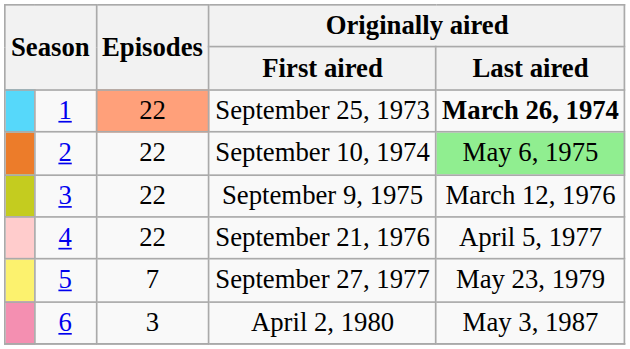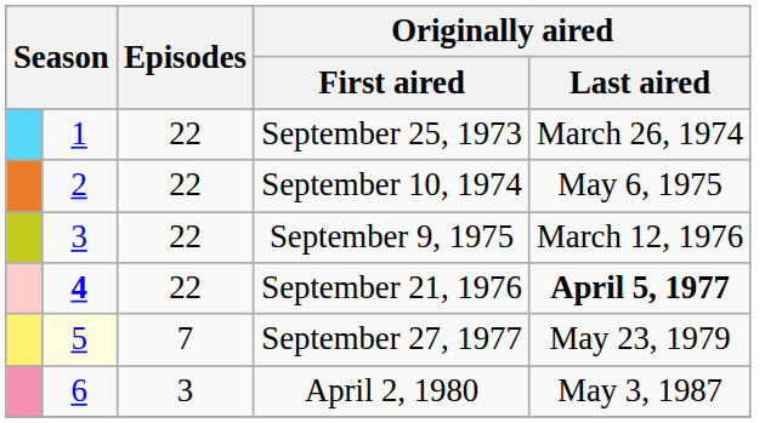 <table class="wikitable plainrowheaders" style="text-align:center;">
 <tr>
 <th colspan="2" rowspan="2">Season</th>
 <th rowspan="2">Episodes</th>
 <th colspan="2">Originally aired</th>
 </tr>
 <tr>
 <th>First aired</th>
 <th>Last aired</th>
 </tr>
 <tr>
 <td bgcolor="#56d8fa"></td>
 <td><a href='#'>1</a></td>
-<td style="background: lightsalmon;">22</td>
+<td>22</td>
 <td>September 25, 1973</td>
-<td><strong>March 26, 1974</strong></td>
+<td>March 26, 1974</td>
 </tr>
 <tr>
 <td bgcolor="#ec7c2a"></td>
 <td><a href='#'>2</a></td>
 <td>22</td>
 <td>September 10, 1974</td>
-<td style="background: lightgreen;">May 6, 1975</td>
+<td>May 6, 1975</td>
 </tr>
 <tr>
 <td bgcolor="#c4cc1f"></td>
 <td><a href='#'>3</a></td>
 <td>22</td>
 <td>September 9, 1975</td>
 <td>March 12, 1976</td>
 </tr>
 <tr>
 <td bgcolor="#ffcccc"></td>
-<td><a href='#'>4</a></td>
+<td><strong><a href='#'>4</a></strong></td>
 <td>22</td>
 <td>September 21, 1976</td>
-<td>April 5, 1977</td>
+<td><strong>April 5, 1977</strong></td>
 </tr>
 <tr>
 <td bgcolor="#fcf26e"></td>
-<td><a href='#'>5</a></td>
+<td style="background: lightyellow;"><a href='#'>5</a></td>
 <td>7</td>
 <td>September 27, 1977</td>
 <td>May 23, 1979</td>
 </tr>
 <tr>
 <td bgcolor="#f48fb1"></td>
 <td><a href='#'>6</a></td>
 <td>3</td>
 <td>April 2, 1980</td>
 <td>May 3, 1987</td>
 </tr>
 <tr>
 </tr>
 </table>
